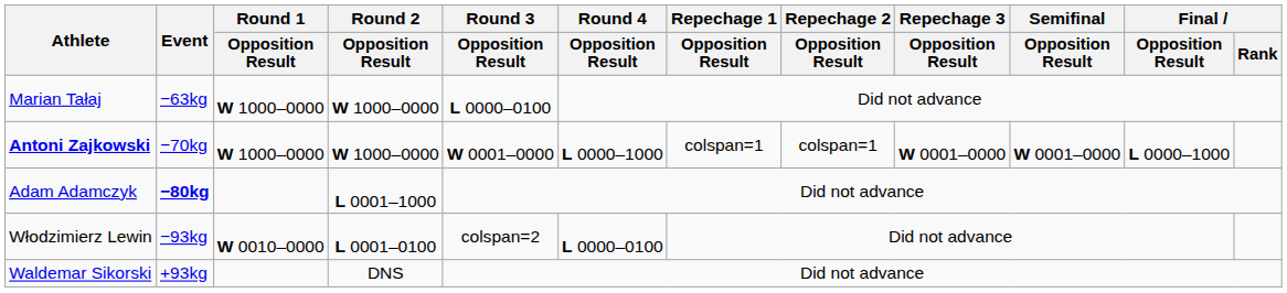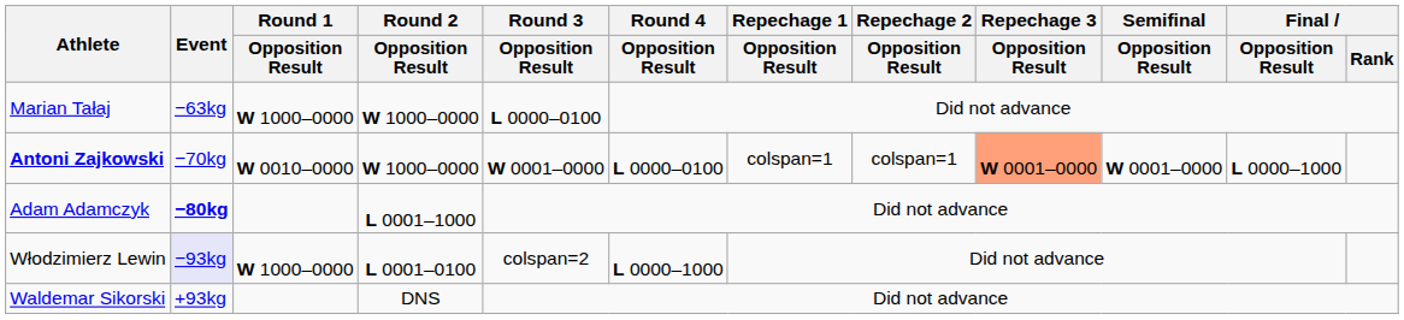 <table class="wikitable" style="font-size:90%">
 <tr>
 <th rowspan="2">Athlete</th>
 <th rowspan="2">Event</th>
 <th>Round 1</th>
 <th>Round 2</th>
 <th>Round 3</th>
 <th>Round 4</th>
 <th>Repechage 1</th>
 <th>Repechage 2</th>
 <th>Repechage 3</th>
 <th>Semifinal</th>
 <th colspan=2>Final / </th>
 </tr>
 <tr style="font-size:95%">
 <th>Opposition<br>Result</th>
 <th>Opposition<br>Result</th>
 <th>Opposition<br>Result</th>
 <th>Opposition<br>Result</th>
 <th>Opposition<br>Result</th>
 <th>Opposition<br>Result</th>
 <th>Opposition<br>Result</th>
 <th>Opposition<br>Result</th>
 <th>Opposition<br>Result</th>
 <th>Rank</th>
 </tr>
 <tr align=center>
 <td align=left><a href='#'>Marian Tałaj</a></td>
 <td align=left><a href='#'>−63kg</a></td>
 <td><br><strong>W</strong> 1000–0000</td>
 <td><br><strong>W</strong> 1000–0000</td>
 <td><br><strong>L</strong> 0000–0100</td>
 <td colspan=7>Did not advance</td>
 </tr>
 <tr align=center>
 <td align=left><strong><a href='#'>Antoni Zajkowski</a></strong></td>
 <td align=left><a href='#'>−70kg</a></td>
-<td><br><strong>W</strong> 1000–0000</td>
+<td><br><strong>W</strong> 0010–0000</td>
 <td><br><strong>W</strong> 1000–0000</td>
 <td><br><strong>W</strong> 0001–0000</td>
-<td><br><strong>L</strong> 0000–1000</td>
+<td><br><strong>L</strong> 0000–0100</td>
 <td>colspan=1 </td>
 <td>colspan=1 </td>
-<td><br><strong>W</strong> 0001–0000</td>
+<td style="background: lightsalmon;"><br><strong>W</strong> 0001–0000</td>
 <td><br><strong>W</strong> 0001–0000</td>
 <td><br><strong>L</strong> 0000–1000</td>
 <td></td>
 </tr>
 <tr align=center>
 <td align=left><a href='#'>Adam Adamczyk</a></td>
 <td align=left><strong><a href='#'>−80kg</a></strong></td>
 <td></td>
 <td><br><strong>L</strong> 0001–1000</td>
 <td colspan=8>Did not advance</td>
 </tr>
 <tr align=center>
 <td align=left>Włodzimierz Lewin</td>
-<td align=left><a href='#'>−93kg</a></td>
-<td><br><strong>W</strong> 0010–0000</td>
+<td align=left style="background: lavender;"><a href='#'>−93kg</a></td>
+<td><br><strong>W</strong> 1000–0000</td>
 <td><br><strong>L</strong> 0001–0100</td>
 <td>colspan=2 </td>
-<td><br><strong>L</strong> 0000–0100</td>
+<td><br><strong>L</strong> 0000–1000</td>
 <td colspan=5>Did not advance</td>
 </tr>
 <tr align=center>
 <td align=left><a href='#'>Waldemar Sikorski</a></td>
 <td align=left><a href='#'>+93kg</a></td>
 <td></td>
 <td colspan=1>DNS</td>
 <td colspan=8>Did not advance</td>
 </tr>
 </table>
